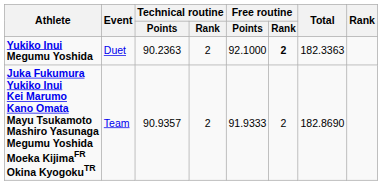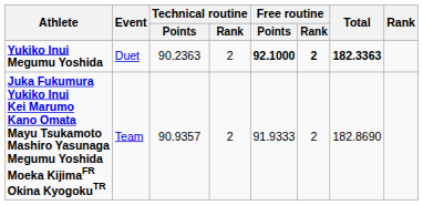 <table class=wikitable style=font-size:90%;text-align:center>
 <tr>
 <th rowspan="2">Athlete</th>
 <th rowspan="2">Event</th>
 <th colspan="2">Technical routine</th>
 <th colspan="2">Free routine</th>
 <th rowspan="2">Total</th>
 <th rowspan="2">Rank</th>
 </tr>
 <tr style="font-size:95%">
 <th>Points</th>
 <th>Rank</th>
 <th>Points</th>
 <th>Rank</th>
 </tr>
 <tr>
 <td style="text-align:left"><strong><a href='#'>Yukiko Inui</a><br>Megumu Yoshida</strong></td>
 <td style="text-align:left"><a href='#'>Duet</a></td>
 <td>90.2363</td>
 <td>2</td>
-<td>92.1000</td>
+<td><strong>92.1000</strong></td>
 <td><strong>2</strong></td>
-<td>182.3363</td>
+<td><strong>182.3363</strong></td>
 <td></td>
 </tr>
 <tr>
 <td style="text-align:left"><strong><a href='#'>Juka Fukumura</a><br><a href='#'>Yukiko Inui</a><br><a href='#'>Kei Marumo</a><br><a href='#'>Kano Omata</a><br>Mayu Tsukamoto<br>Mashiro Yasunaga<br>Megumu Yoshida<br>Moeka Kijima<sup>FR</sup><br>Okina Kyogoku<sup>TR</sup></strong></td>
 <td style="text-align:left"><a href='#'>Team</a></td>
 <td>90.9357</td>
 <td>2</td>
 <td>91.9333</td>
 <td>2</td>
 <td>182.8690</td>
 <td></td>
 </tr>
 </table>
